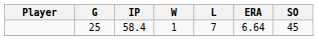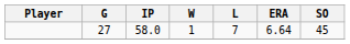 <table class="wikitable sortable">
 <tr>
 <th bgcolor="#DDDDFF" width="16%">Player</th>
 <th bgcolor="#DDDDFF" width="9%">G</th>
 <th bgcolor="#DDDDFF" width="9%">IP</th>
 <th bgcolor="#DDDDFF" width="9%">W</th>
 <th bgcolor="#DDDDFF" width="9%">L</th>
 <th bgcolor="#DDDDFF" width="9%">ERA</th>
 <th bgcolor="#DDDDFF" width="9%">SO</th>
 </tr>
 <tr align="center">
 <td></td>
-<td>25</td>
-<td>58.4</td>
+<td>27</td>
+<td>58.0</td>
 <td>1</td>
 <td>7</td>
 <td>6.64</td>
 <td>45</td>
 </tr>
 <tr align="center">
 </tr>
 </table>
